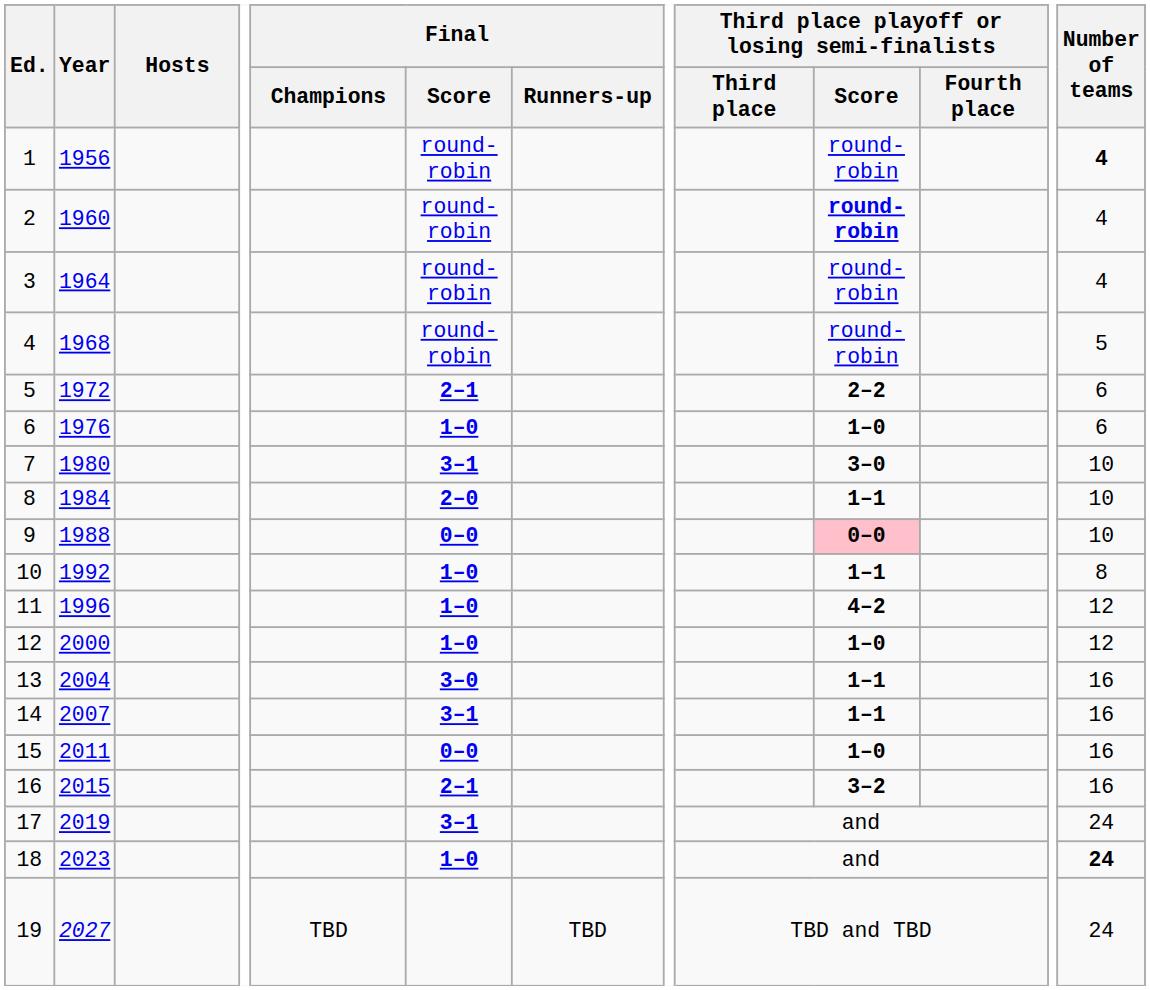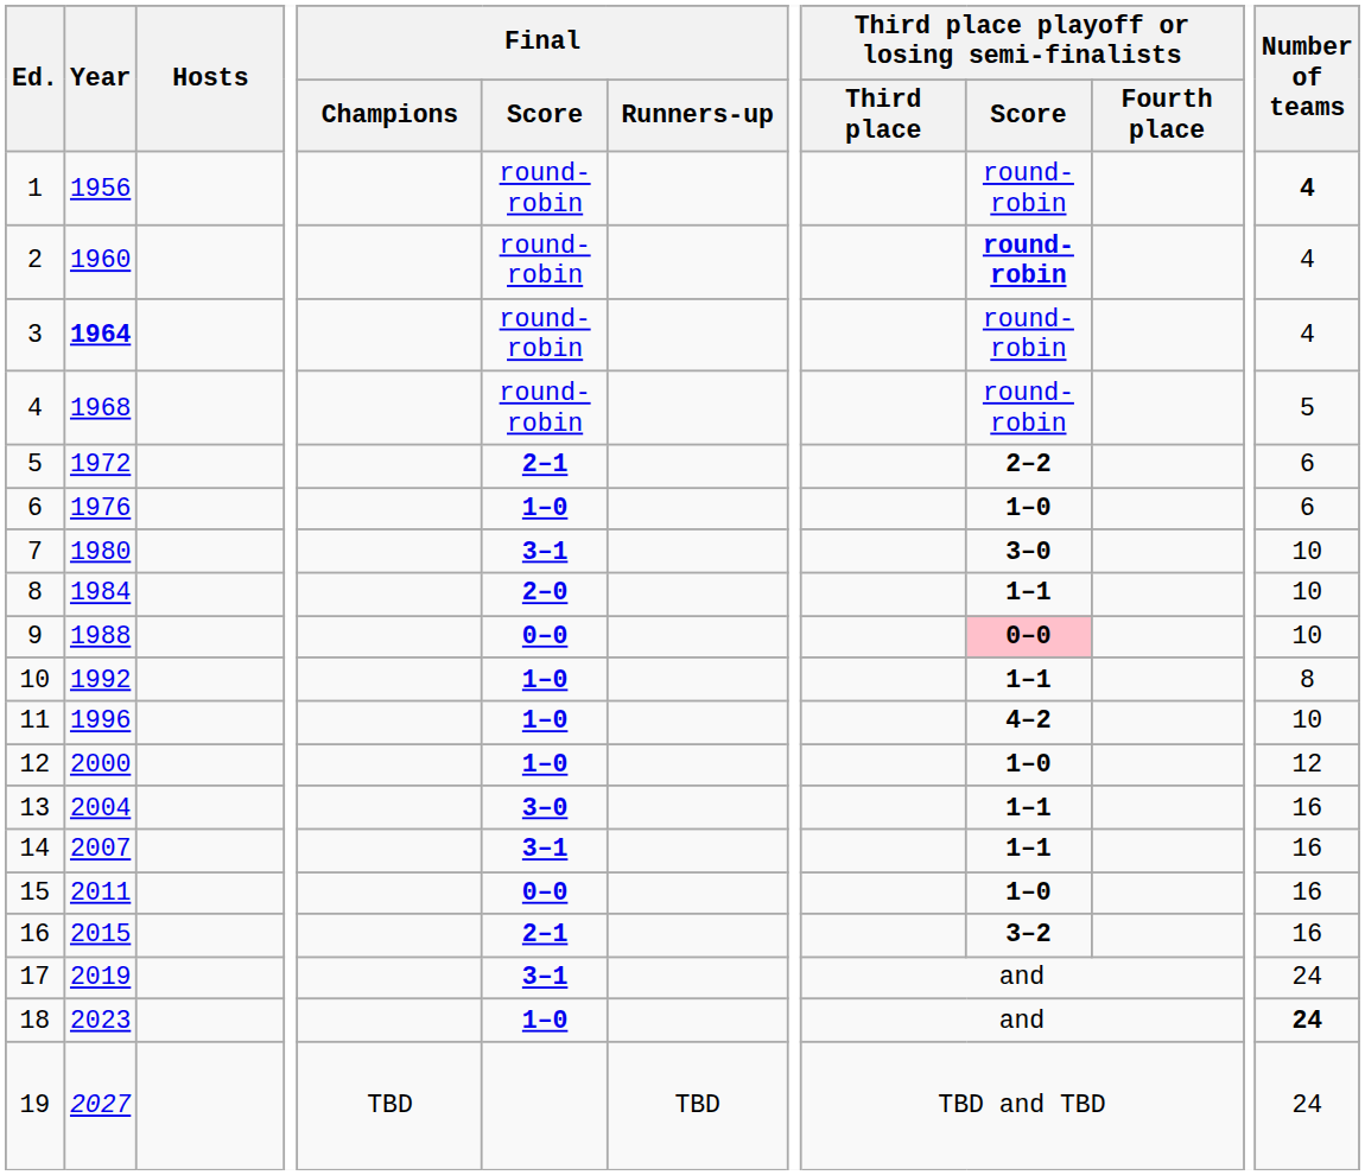 <table class="wikitable sortable" style="font-size:90%; text-align:center; width:100%;">
 <tr>
 <th rowspan="2" style="width:2%;">Ed.</th>
 <th rowspan="2" style="width:5%;">Year</th>
 <th rowspan="2" style="width:13%;">Hosts</th>
 <td width="1%" rowspan=21 style="background-color:#ffffff;border-top-style:hidden; border-bottom-style:hidden;"></td>
 <th colspan=3>Final</th>
 <td width="1%" rowspan=21 style="background-color:#ffffff;border-top-style:hidden; border-bottom-style:hidden;"></td>
 <th colspan=3>Third place playoff or losing semi-finalists</th>
 <td width="1%" rowspan=21 style="background-color:#ffffff;border-top-style:hidden; border-bottom-style:hidden;"></td>
 <th rowspan=2>Number of teams</th>
 </tr>
 <tr>
 <th style="width:15%;">Champions</th>
 <th style="width:10%;">Score</th>
 <th style="width:15%;">Runners-up</th>
 <th style="width:15%;">Third place</th>
 <th style="width:10%;">Score</th>
 <th style="width:15%;">Fourth place</th>
 </tr>
 <tr>
 <td>1</td>
 <td><a href='#'>1956</a></td>
 <td align=left></td>
 <td><strong></strong></td>
 <td><a href='#'>round-robin</a></td>
 <td></td>
 <td></td>
 <td><a href='#'>round-robin</a></td>
 <td></td>
 <td><strong>4</strong></td>
 </tr>
 <tr>
 <td>2</td>
 <td><a href='#'>1960</a></td>
 <td align=left></td>
 <td><strong></strong></td>
 <td><a href='#'>round-robin</a></td>
 <td></td>
 <td></td>
 <td><strong><a href='#'>round-robin</a></strong></td>
 <td></td>
 <td>4</td>
 </tr>
 <tr>
 <td>3</td>
-<td><a href='#'>1964</a></td>
+<td><strong><a href='#'>1964</a></strong></td>
 <td align=left></td>
 <td><strong></strong></td>
 <td><a href='#'>round-robin</a></td>
 <td></td>
 <td></td>
 <td><a href='#'>round-robin</a></td>
 <td></td>
 <td>4</td>
 </tr>
 <tr>
 <td>4</td>
 <td><a href='#'>1968</a></td>
 <td align=left></td>
 <td><strong></strong></td>
 <td><a href='#'>round-robin</a></td>
 <td></td>
 <td></td>
 <td><a href='#'>round-robin</a></td>
 <td></td>
 <td>5</td>
 </tr>
 <tr>
 <td>5</td>
 <td><a href='#'>1972</a></td>
 <td align=left></td>
 <td><strong></strong></td>
 <td><strong><a href='#'>2–1</a></strong> </td>
 <td></td>
 <td></td>
 <td><strong>2–2</strong> <br></td>
 <td></td>
 <td>6</td>
 </tr>
 <tr>
 <td>6</td>
 <td><a href='#'>1976</a></td>
 <td align=left></td>
 <td><strong></strong></td>
 <td><strong><a href='#'>1–0</a></strong></td>
 <td></td>
 <td></td>
 <td><strong>1–0</strong></td>
 <td></td>
 <td>6</td>
 </tr>
 <tr>
 <td>7</td>
 <td><a href='#'>1980</a></td>
 <td align=left></td>
 <td><strong></strong></td>
 <td><strong><a href='#'>3–1</a></strong></td>
 <td></td>
 <td></td>
 <td><strong>3–0</strong></td>
 <td></td>
 <td>10</td>
 </tr>
 <tr>
 <td>8</td>
 <td><a href='#'>1984</a></td>
 <td align=left></td>
 <td><strong></strong></td>
 <td><strong><a href='#'>2–0</a></strong></td>
 <td></td>
 <td></td>
 <td><strong>1–1</strong> <br></td>
 <td></td>
 <td>10</td>
 </tr>
 <tr>
 <td>9</td>
 <td><a href='#'>1988</a></td>
 <td align=left></td>
 <td><strong></strong></td>
 <td><strong><a href='#'>0–0</a></strong> <br></td>
 <td></td>
 <td></td>
 <td style="background: pink;"><strong>0–0</strong> <br></td>
 <td></td>
 <td>10</td>
 </tr>
 <tr>
 <td>10</td>
 <td><a href='#'>1992</a></td>
 <td align=left></td>
 <td><strong></strong></td>
 <td><strong><a href='#'>1–0</a></strong></td>
 <td></td>
 <td></td>
 <td><strong>1–1</strong> <br></td>
 <td></td>
 <td>8</td>
 </tr>
 <tr>
 <td>11</td>
 <td><a href='#'>1996</a></td>
 <td align=left></td>
 <td><strong></strong></td>
 <td><strong><a href='#'>1–0</a></strong> </td>
 <td></td>
 <td></td>
 <td><strong>4–2</strong></td>
 <td></td>
-<td>12</td>
+<td>10</td>
 </tr>
 <tr>
 <td>12</td>
 <td><a href='#'>2000</a></td>
 <td align=left></td>
 <td><strong></strong></td>
 <td><strong><a href='#'>1–0</a></strong></td>
 <td></td>
 <td></td>
 <td><strong>1–0</strong></td>
 <td></td>
 <td>12</td>
 </tr>
 <tr>
 <td>13</td>
 <td><a href='#'>2004</a></td>
 <td align=left></td>
 <td><strong></strong></td>
 <td><strong><a href='#'>3–0</a></strong></td>
 <td></td>
 <td></td>
 <td><strong>1–1</strong> <br></td>
 <td></td>
 <td>16</td>
 </tr>
 <tr>
 <td>14</td>
 <td><a href='#'>2007</a></td>
 <td align=left></td>
 <td><strong></strong></td>
 <td><strong><a href='#'>3–1</a></strong></td>
 <td></td>
 <td></td>
 <td><strong>1–1</strong> <br></td>
 <td></td>
 <td>16</td>
 </tr>
 <tr>
 <td>15</td>
 <td><a href='#'>2011</a></td>
 <td align=left></td>
 <td><strong></strong></td>
 <td><strong><a href='#'>0–0</a></strong> <br></td>
 <td></td>
 <td></td>
 <td><strong>1–0</strong></td>
 <td></td>
 <td>16</td>
 </tr>
 <tr>
 <td>16</td>
 <td><a href='#'>2015</a></td>
 <td align=left></td>
 <td><strong></strong></td>
 <td><strong><a href='#'>2–1</a></strong> </td>
 <td></td>
 <td></td>
 <td><strong>3–2</strong></td>
 <td></td>
 <td>16</td>
 </tr>
 <tr>
 <td>17</td>
 <td><a href='#'>2019</a></td>
 <td align="left"></td>
 <td><strong></strong></td>
 <td><strong><a href='#'>3–1</a></strong></td>
 <td></td>
 <td colspan="3"> and </td>
 <td>24</td>
 </tr>
 <tr>
 <td>18</td>
 <td><a href='#'>2023</a></td>
 <td align="left"></td>
 <td><strong></strong></td>
 <td><strong><a href='#'>1–0</a></strong> </td>
 <td></td>
 <td colspan="3"> and </td>
 <td><strong>24</strong></td>
 </tr>
 <tr style=" height:5em;">
 <td>19</td>
 <td><a href='#'><em>2027</em></a></td>
 <td align="left"><em></em></td>
 <td>TBD</td>
 <td></td>
 <td>TBD</td>
 <td colspan="3">TBD and TBD</td>
 <td>24</td>
 </tr>
 </table>
